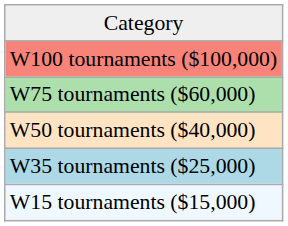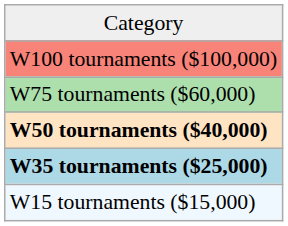 <table class=wikitable style=font-size:90%;>
 <tr align=center>
 <td style="background:#efefef;">Category</td>
 </tr>
 <tr style="background:#f88379;">
 <td>W100 tournaments ($100,000)</td>
 </tr>
 <tr style="background:#addfad;">
 <td>W75 tournaments ($60,000)</td>
 </tr>
 <tr style="background:#ffe4c4;">
-<td>W50 tournaments ($40,000)</td>
+<td><strong>W50 tournaments ($40,000)</strong></td>
 </tr>
 <tr style="background:lightblue;">
-<td>W35 tournaments ($25,000)</td>
+<td><strong>W35 tournaments ($25,000)</strong></td>
 </tr>
 <tr style="background:#f0f8ff;">
 <td>W15 tournaments ($15,000)</td>
 </tr>
 </table>
